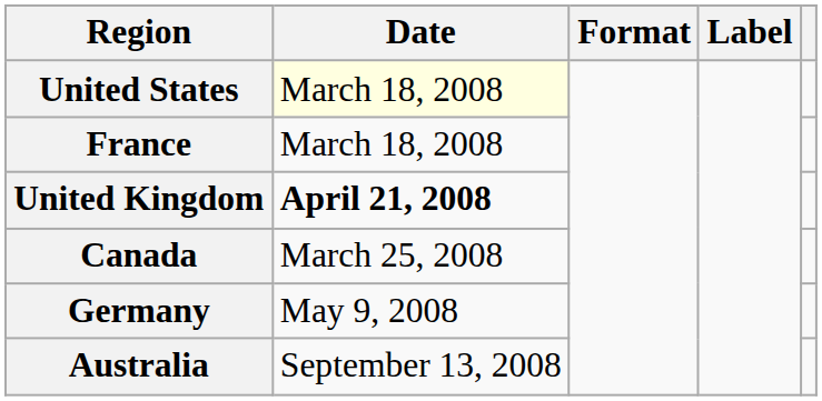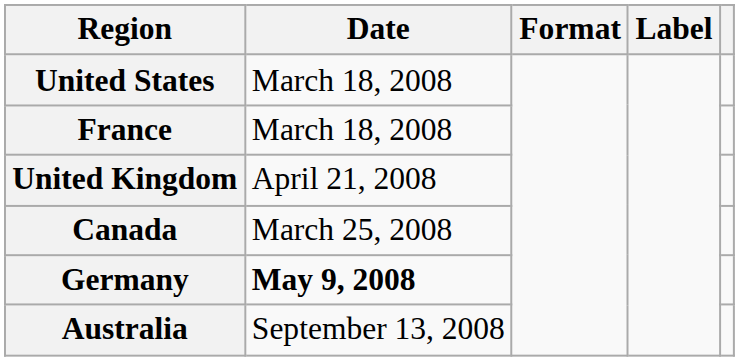 <table class="wikitable plainrowheaders">
 <tr>
 <th scope="col">Region</th>
 <th scope="col">Date</th>
 <th scope="col">Format</th>
 <th scope="col">Label</th>
 <th scope="col"></th>
 </tr>
 <tr>
 <th scope="row">United States</th>
-<td style="background: lightyellow;">March 18, 2008</td>
+<td>March 18, 2008</td>
 <td rowspan="6"></td>
 <td rowspan="6"></td>
 <td align="center"></td>
 </tr>
 <tr>
 <th scope="row">France</th>
 <td>March 18, 2008</td>
 <td align="center"></td>
 </tr>
 <tr>
 <th scope="row">United Kingdom</th>
-<td><strong>April 21, 2008</strong></td>
+<td>April 21, 2008</td>
 <td align="center"></td>
 </tr>
 <tr>
 <th scope="row">Canada</th>
 <td>March 25, 2008</td>
 <td align="center"></td>
 </tr>
 <tr>
 <th scope="row">Germany</th>
-<td>May 9, 2008</td>
+<td><strong>May 9, 2008</strong></td>
 <td align="center"></td>
 </tr>
 <tr>
 <th scope="row">Australia</th>
 <td>September 13, 2008</td>
 <td align="center"></td>
 </tr>
 </table>
